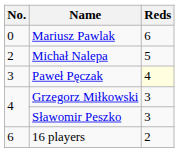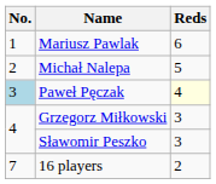 <table class="wikitable" style="display: inline-table;">
 <tr>
 <th>No.</th>
 <th>Name</th>
 <th>Reds</th>
 </tr>
 <tr>
-<td>0</td>
+<td>1</td>
 <td><a href='#'>Mariusz Pawlak</a></td>
 <td>6</td>
 </tr>
 <tr>
 <td>2</td>
 <td><a href='#'>Michał Nalepa</a></td>
 <td>5</td>
 </tr>
 <tr>
-<td>3</td>
+<td style="background: lightblue;">3</td>
 <td><a href='#'>Paweł Pęczak</a></td>
 <td style="background: lightyellow;">4</td>
 </tr>
 <tr>
 <td rowspan=2>4</td>
 <td><a href='#'>Grzegorz Miłkowski</a></td>
 <td>3</td>
 </tr>
 <tr>
 <td><a href='#'>Sławomir Peszko</a></td>
 <td>3</td>
 </tr>
 <tr>
-<td>6</td>
+<td>7</td>
 <td>16 players</td>
 <td>2</td>
 </tr>
 </table>
